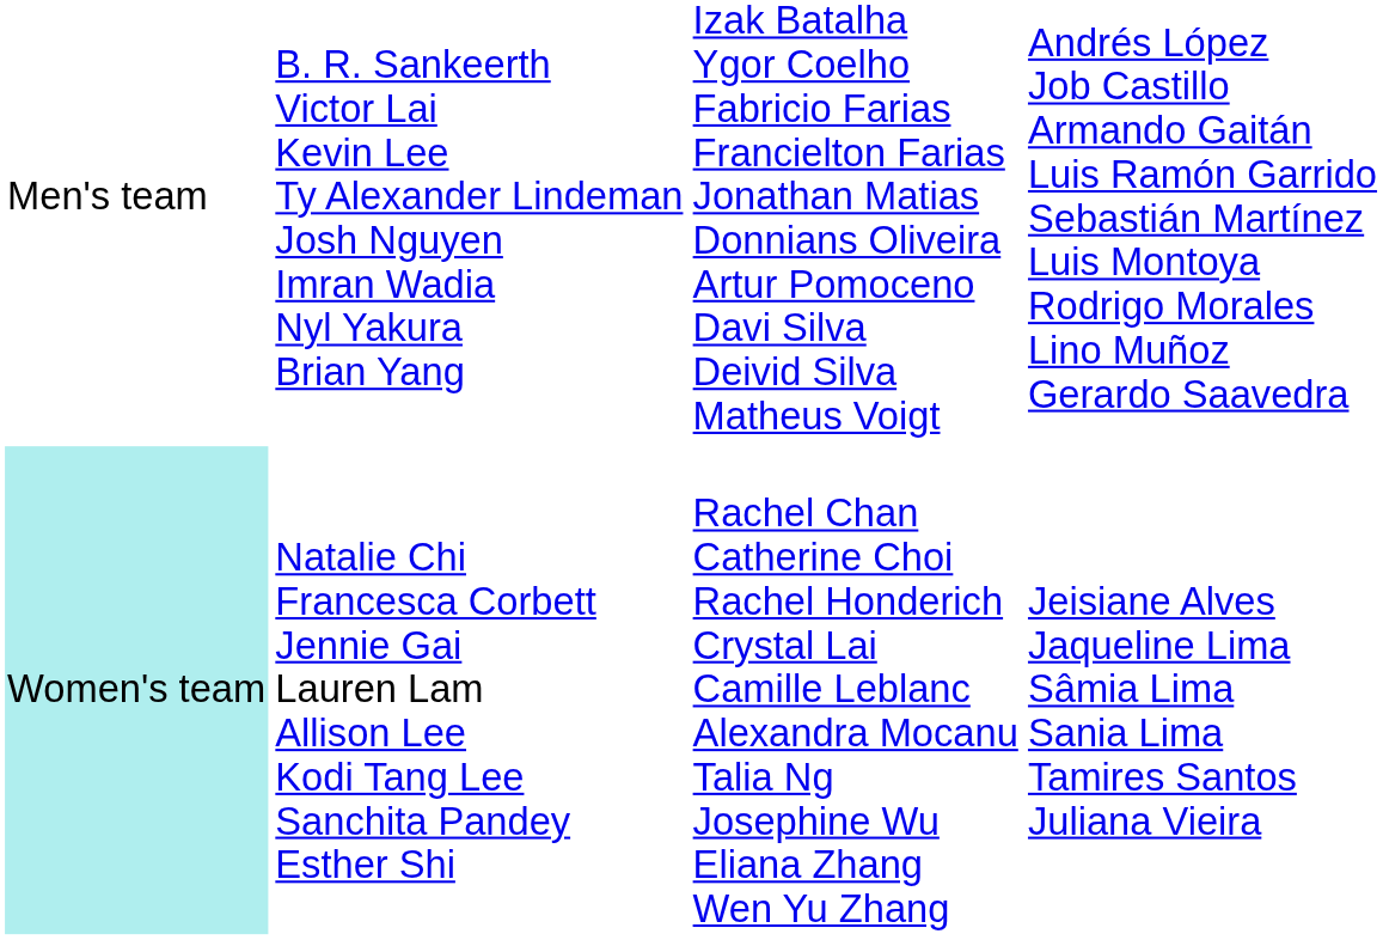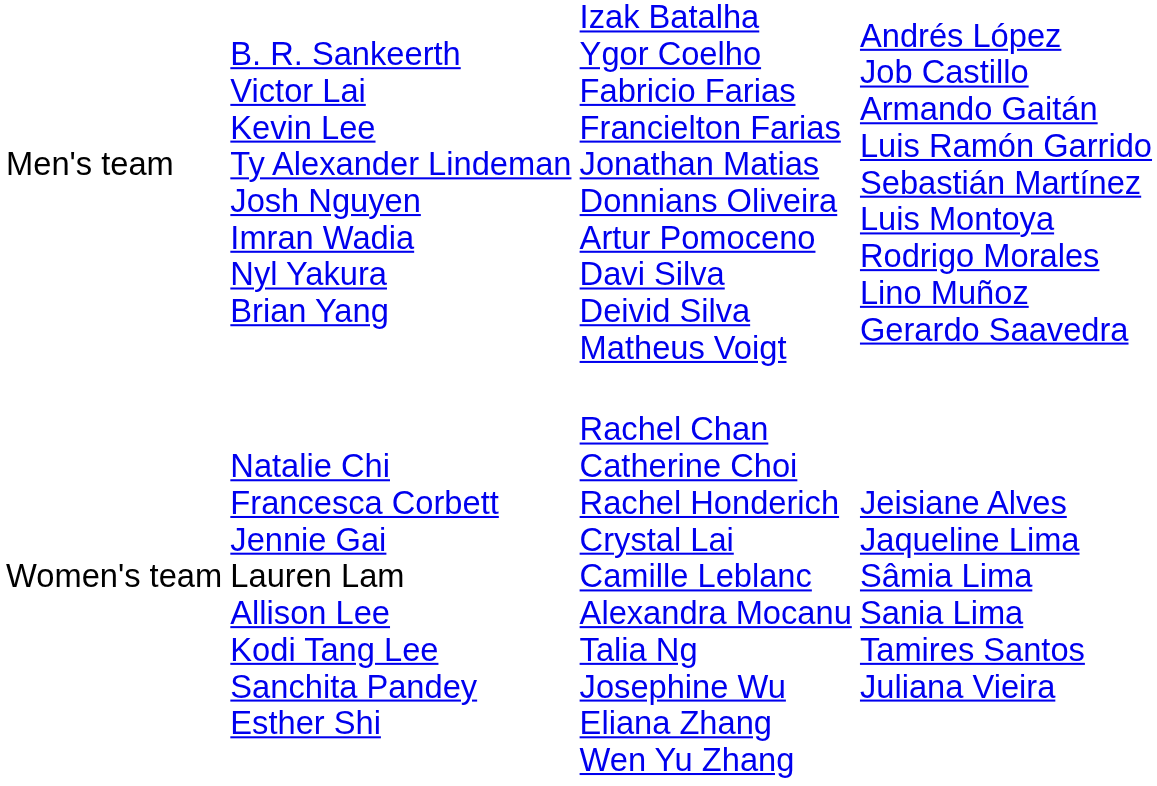 <table>
 <tr>
 <td>Men's team</td>
 <td valign="left"><br><a href='#'>B. R. Sankeerth</a><br><a href='#'>Victor Lai</a><br><a href='#'>Kevin Lee</a><br><a href='#'>Ty Alexander Lindeman</a><br><a href='#'>Josh Nguyen</a><br><a href='#'>Imran Wadia</a><br><a href='#'>Nyl Yakura</a><br><a href='#'>Brian Yang</a></td>
 <td valign="left"><br><a href='#'>Izak Batalha</a><br><a href='#'>Ygor Coelho</a><br><a href='#'>Fabricio Farias</a><br><a href='#'>Francielton Farias</a><br><a href='#'>Jonathan Matias</a><br><a href='#'>Donnians Oliveira</a><br><a href='#'>Artur Pomoceno</a><br><a href='#'>Davi Silva</a><br><a href='#'>Deivid Silva</a><br><a href='#'>Matheus Voigt</a></td>
 <td valign="left"><br><a href='#'>Andrés López</a><br><a href='#'>Job Castillo</a><br><a href='#'>Armando Gaitán</a><br><a href='#'>Luis Ramón Garrido</a><br><a href='#'>Sebastián Martínez</a><br><a href='#'>Luis Montoya</a><br><a href='#'>Rodrigo Morales</a><br><a href='#'>Lino Muñoz</a><br><a href='#'>Gerardo Saavedra</a></td>
 </tr>
 <tr>
-<td style="background: paleturquoise;">Women's team</td>
+<td>Women's team</td>
 <td valign="left"><br><a href='#'>Natalie Chi</a><br><a href='#'>Francesca Corbett</a><br><a href='#'>Jennie Gai</a><br>Lauren Lam<br><a href='#'>Allison Lee</a><br><a href='#'>Kodi Tang Lee</a><br><a href='#'>Sanchita Pandey</a><br><a href='#'>Esther Shi</a></td>
 <td valign="left"><br><a href='#'>Rachel Chan</a><br><a href='#'>Catherine Choi</a><br><a href='#'>Rachel Honderich</a><br><a href='#'>Crystal Lai</a><br><a href='#'>Camille Leblanc</a><br><a href='#'>Alexandra Mocanu</a><br><a href='#'>Talia Ng</a><br><a href='#'>Josephine Wu</a><br><a href='#'>Eliana Zhang</a><br><a href='#'>Wen Yu Zhang</a></td>
 <td valign="left"><br><a href='#'>Jeisiane Alves</a><br><a href='#'>Jaqueline Lima</a><br><a href='#'>Sâmia Lima</a><br><a href='#'>Sania Lima</a><br><a href='#'>Tamires Santos</a><br><a href='#'>Juliana Vieira</a></td>
 </tr>
 </table>
